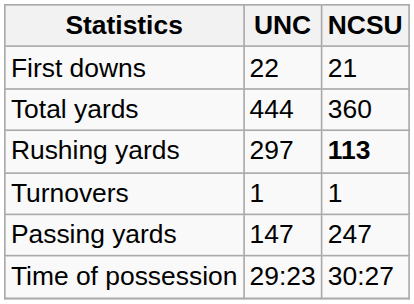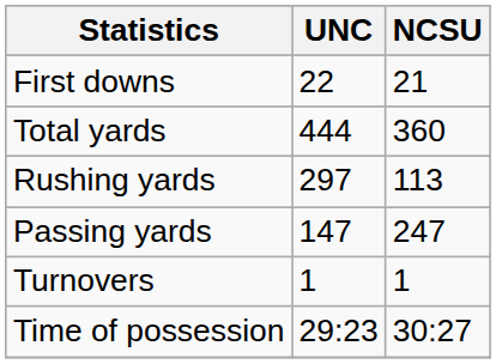 <table class="wikitable">
 <tr>
 <th>Statistics</th>
 <th>UNC</th>
 <th>NCSU</th>
 </tr>
 <tr>
 <td>First downs</td>
 <td>22</td>
 <td>21</td>
 </tr>
 <tr>
 <td>Total yards</td>
 <td>444</td>
 <td>360</td>
 </tr>
 <tr>
 <td>Rushing yards</td>
 <td>297</td>
-<td><strong>113</strong></td>
+<td>113</td>
+</tr>
+<tr>
+<td>Passing yards</td>
+<td>147</td>
+<td>247</td>
 </tr>
 <tr>
 <td>Turnovers</td>
 <td>1</td>
 <td>1</td>
-</tr>
-<tr>
-<td>Passing yards</td>
-<td>147</td>
-<td>247</td>
 </tr>
 <tr>
 <td>Time of possession</td>
 <td>29:23</td>
 <td>30:27</td>
 </tr>
 <tr>
 </tr>
 </table>
